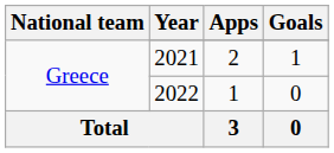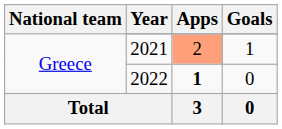 <table class="wikitable" style="text-align: center;">
 <tr>
 <th>National team</th>
 <th>Year</th>
 <th>Apps</th>
 <th>Goals</th>
 </tr>
 <tr>
 <td rowspan="3"><a href='#'>Greece</a></td>
 </tr>
 <tr>
 <td>2021</td>
-<td>2</td>
+<td style="background: lightsalmon;">2</td>
 <td>1</td>
 </tr>
 <tr>
 <td>2022</td>
-<td>1</td>
+<td><strong>1</strong></td>
 <td>0</td>
 </tr>
 <tr>
 <th colspan="2">Total</th>
 <th>3</th>
 <th>0</th>
 </tr>
 </table>
